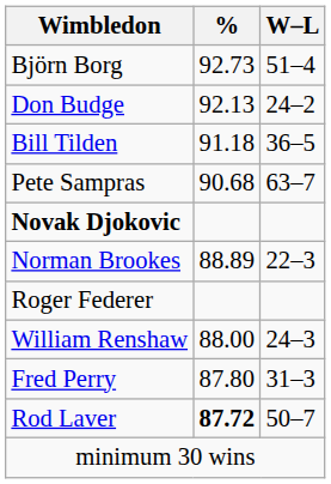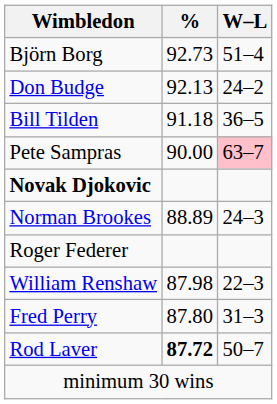 <table class=wikitable style="display:inline-table;">
 <tr>
 <th>Wimbledon</th>
 <th>%</th>
 <th>W–L</th>
 </tr>
 <tr>
 <td> Björn Borg</td>
 <td>92.73</td>
 <td>51–4</td>
 </tr>
 <tr>
 <td> <a href='#'>Don Budge</a></td>
 <td>92.13</td>
 <td>24–2</td>
 </tr>
 <tr>
 <td> <a href='#'>Bill Tilden</a></td>
 <td>91.18</td>
 <td>36–5</td>
 </tr>
 <tr>
 <td> Pete Sampras</td>
-<td>90.68</td>
-<td>63–7</td>
+<td>90.00</td>
+<td style="background: pink;">63–7</td>
 </tr>
 <tr>
 <td> <strong>Novak Djokovic</strong></td>
 <td></td>
 </tr>
 <tr>
 <td> <a href='#'>Norman Brookes</a></td>
 <td>88.89</td>
-<td>22–3</td>
+<td>24–3</td>
 </tr>
 <tr>
 <td> Roger Federer</td>
 <td></td>
 </tr>
 <tr>
 <td> <a href='#'>William Renshaw</a></td>
-<td>88.00</td>
-<td>24–3</td>
+<td>87.98</td>
+<td>22–3</td>
 </tr>
 <tr>
 <td> <a href='#'>Fred Perry</a></td>
 <td>87.80</td>
 <td>31–3</td>
 </tr>
 <tr>
 <td> <a href='#'>Rod Laver</a></td>
 <td><strong>87.72</strong></td>
 <td>50–7<br></td>
 </tr>
 <tr>
 <td colspan="3" style="text-align:center;">minimum 30 wins</td>
 </tr>
 </table>
